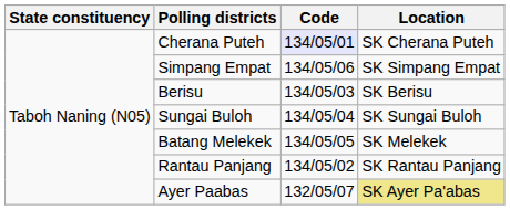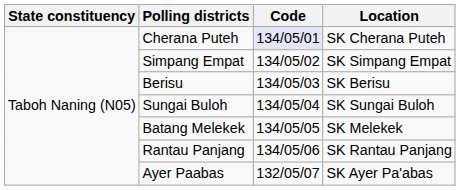 <table class="wikitable sortable mw-collapsible" style="white-space:nowrap;font-size:85%">
 <tr>
 <th>State constituency</th>
 <th>Polling districts</th>
 <th>Code</th>
 <th>Location</th>
 </tr>
 <tr>
 <td rowspan="7">Taboh Naning (N05)</td>
 <td>Cherana Puteh</td>
 <td style="background: lavender;">134/05/01</td>
 <td>SK Cherana Puteh</td>
 </tr>
 <tr>
 <td>Simpang Empat</td>
-<td>134/05/06</td>
+<td>134/05/02</td>
 <td>SK Simpang Empat</td>
 </tr>
 <tr>
 <td>Berisu</td>
 <td>134/05/03</td>
 <td>SK Berisu</td>
 </tr>
 <tr>
 <td>Sungai Buloh</td>
 <td>134/05/04</td>
 <td>SK Sungai Buloh</td>
 </tr>
 <tr>
 <td>Batang Melekek</td>
 <td>134/05/05</td>
 <td>SK Melekek</td>
 </tr>
 <tr>
 <td>Rantau Panjang</td>
-<td>134/05/02</td>
+<td>134/05/06</td>
 <td>SK Rantau Panjang</td>
 </tr>
 <tr>
 <td>Ayer Paabas</td>
 <td>132/05/07</td>
-<td style="background: khaki;">SK Ayer Pa'abas</td>
+<td>SK Ayer Pa'abas</td>
 </tr>
 </table>
